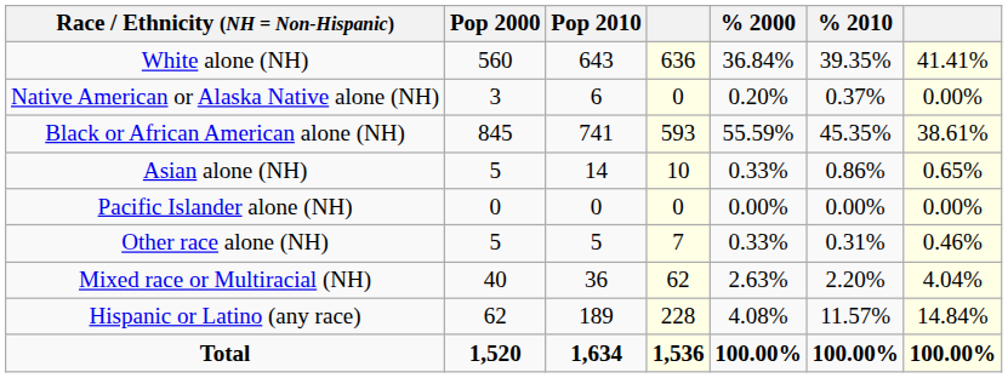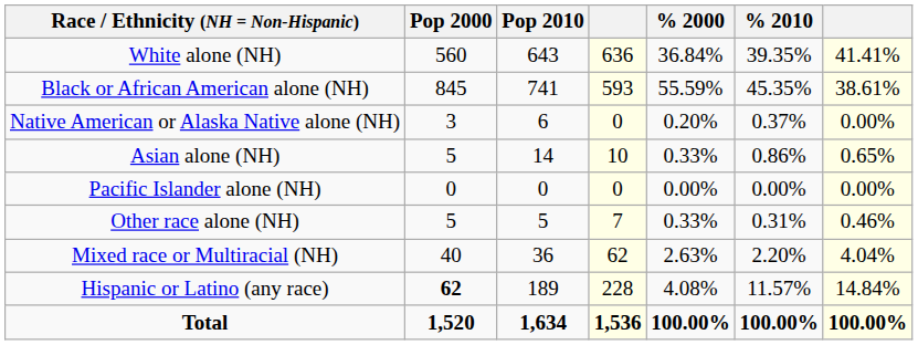 <table class="wikitable" style="text-align:center;">
 <tr>
 <th>Race / Ethnicity <small>(<em>NH = Non-Hispanic</em>)</small></th>
 <th>Pop 2000</th>
 <th>Pop 2010</th>
 <th></th>
 <th>% 2000</th>
 <th>% 2010</th>
 <th></th>
 </tr>
 <tr>
 <td><a href='#'>White</a> alone (NH)</td>
 <td>560</td>
 <td>643</td>
 <td style='background: #ffffe6;'>636</td>
 <td>36.84%</td>
 <td>39.35%</td>
 <td style='background: #ffffe6;'>41.41%</td>
 </tr>
 <tr>
+<td><a href='#'>Black or African American</a> alone (NH)</td>
+<td>845</td>
+<td>741</td>
+<td style='background: #ffffe6;'>593</td>
+<td>55.59%</td>
+<td>45.35%</td>
+<td style='background: #ffffe6;'>38.61%</td>
+</tr>
+<tr>
 <td><a href='#'>Native American</a> or <a href='#'>Alaska Native</a> alone (NH)</td>
 <td>3</td>
 <td>6</td>
 <td style='background: #ffffe6;'>0</td>
 <td>0.20%</td>
 <td>0.37%</td>
 <td style='background: #ffffe6;'>0.00%</td>
-</tr>
-<tr>
-<td><a href='#'>Black or African American</a> alone (NH)</td>
-<td>845</td>
-<td>741</td>
-<td style='background: #ffffe6;'>593</td>
-<td>55.59%</td>
-<td>45.35%</td>
-<td style='background: #ffffe6;'>38.61%</td>
 </tr>
 <tr>
 <td><a href='#'>Asian</a> alone (NH)</td>
 <td>5</td>
 <td>14</td>
 <td style='background: #ffffe6;'>10</td>
 <td>0.33%</td>
 <td>0.86%</td>
 <td style='background: #ffffe6;'>0.65%</td>
 </tr>
 <tr>
 <td><a href='#'>Pacific Islander</a> alone (NH)</td>
 <td>0</td>
 <td>0</td>
 <td style='background: #ffffe6;'>0</td>
 <td>0.00%</td>
 <td>0.00%</td>
 <td style='background: #ffffe6;'>0.00%</td>
 </tr>
 <tr>
 <td><a href='#'>Other race</a> alone (NH)</td>
 <td>5</td>
 <td>5</td>
 <td style='background: #ffffe6;'>7</td>
 <td>0.33%</td>
 <td>0.31%</td>
 <td style='background: #ffffe6;'>0.46%</td>
 </tr>
 <tr>
 <td><a href='#'>Mixed race or Multiracial</a> (NH)</td>
 <td>40</td>
 <td>36</td>
 <td style='background: #ffffe6;'>62</td>
 <td>2.63%</td>
 <td>2.20%</td>
 <td style='background: #ffffe6;'>4.04%</td>
 </tr>
 <tr>
 <td><a href='#'>Hispanic or Latino</a> (any race)</td>
-<td>62</td>
+<td><strong>62</strong></td>
 <td>189</td>
 <td style='background: #ffffe6;'>228</td>
 <td>4.08%</td>
 <td>11.57%</td>
 <td style='background: #ffffe6;'>14.84%</td>
 </tr>
 <tr>
 <td><strong>Total</strong></td>
 <td><strong>1,520</strong></td>
 <td><strong>1,634</strong></td>
 <td style='background: #ffffe6;'><strong>1,536</strong></td>
 <td><strong>100.00%</strong></td>
 <td><strong>100.00%</strong></td>
 <td style='background: #ffffe6;'><strong>100.00%</strong></td>
 </tr>
 </table>
